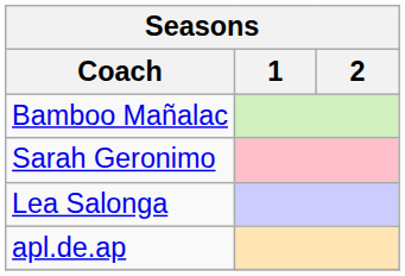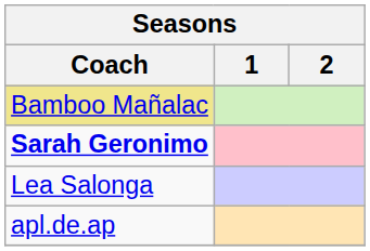 <table class="wikitable">
 <tr>
 <th colspan=5>Seasons</th>
 </tr>
 <tr>
 <th>Coach</th>
 <th width="40">1</th>
 <th width="40">2</th>
 </tr>
 <tr>
-<td><a href='#'>Bamboo Mañalac</a></td>
+<td style="background: khaki;"><a href='#'>Bamboo Mañalac</a></td>
 <td colspan="2"  bgcolor="#d0f0c0"></td>
 </tr>
 <tr>
-<td><a href='#'>Sarah Geronimo</a></td>
+<td><strong><a href='#'>Sarah Geronimo</a></strong></td>
 <td colspan="2"  bgcolor="pink"></td>
 </tr>
 <tr>
 <td><a href='#'>Lea Salonga</a></td>
 <td colspan="2" bgcolor="#ccf"></td>
 </tr>
 <tr>
 <td><a href='#'>apl.de.ap</a></td>
 <td colspan="2" bgcolor="#ffe5b4"></td>
 </tr>
 <tr>
 </tr>
 </table>
